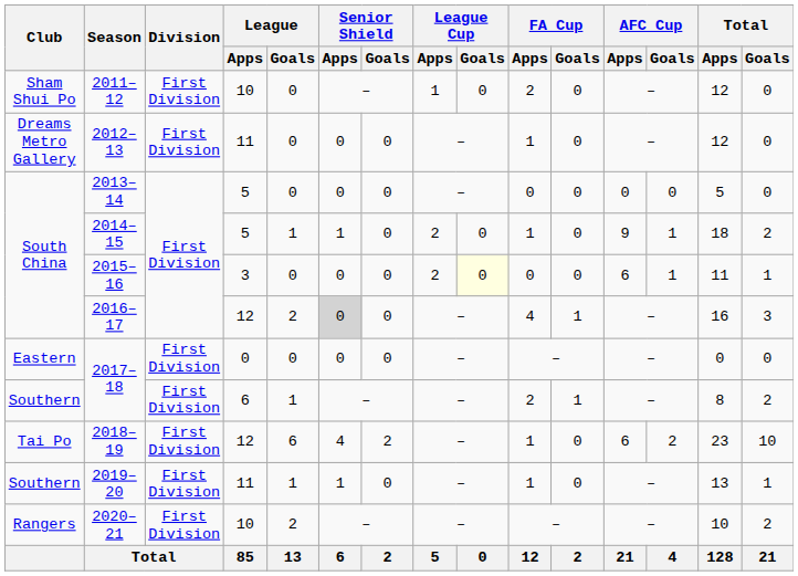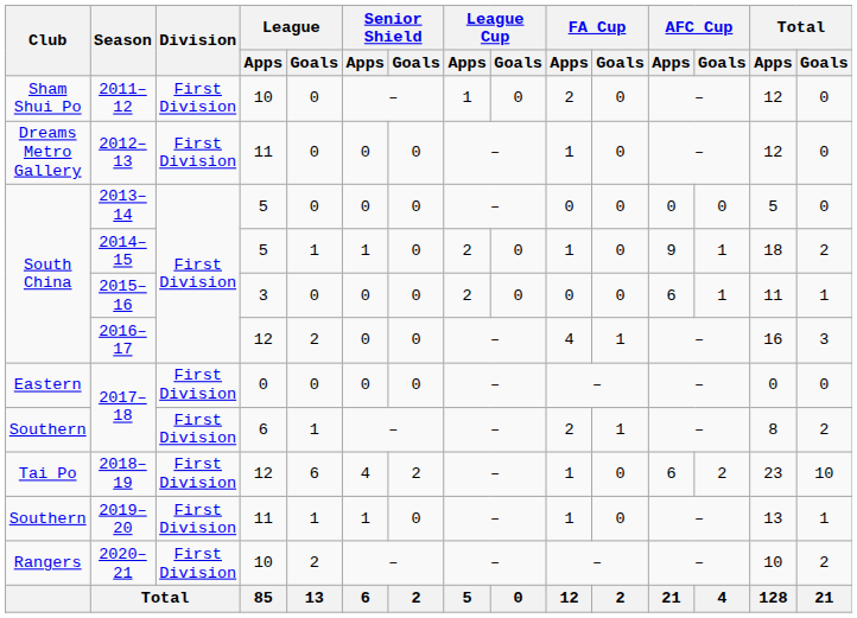 <table class="wikitable" style="text-align: center;">
 <tr>
 <th rowspan="2">Club</th>
 <th rowspan="2">Season</th>
 <th rowspan="2">Division</th>
 <th colspan="2">League</th>
 <th colspan="2"><a href='#'>Senior Shield</a></th>
 <th colspan="2"><a href='#'>League Cup</a></th>
 <th colspan="2"><a href='#'>FA Cup</a></th>
 <th colspan="2"><a href='#'>AFC Cup</a></th>
 <th colspan="2">Total</th>
 </tr>
 <tr>
 <th>Apps</th>
 <th>Goals</th>
 <th>Apps</th>
 <th>Goals</th>
 <th>Apps</th>
 <th>Goals</th>
 <th>Apps</th>
 <th>Goals</th>
 <th>Apps</th>
 <th>Goals</th>
 <th>Apps</th>
 <th>Goals</th>
 </tr>
 <tr>
 <td><a href='#'>Sham Shui Po</a></td>
 <td><a href='#'>2011–12</a></td>
 <td><a href='#'>First Division</a></td>
 <td>10</td>
 <td>0</td>
 <td colspan="2">–</td>
 <td>1</td>
 <td>0</td>
 <td>2</td>
 <td>0</td>
 <td colspan="2">–</td>
 <td>12</td>
 <td>0</td>
 </tr>
 <tr>
 <td><a href='#'>Dreams Metro Gallery</a></td>
 <td><a href='#'>2012–13</a></td>
 <td><a href='#'>First Division</a></td>
 <td>11</td>
 <td>0</td>
 <td>0</td>
 <td>0</td>
 <td colspan="2">–</td>
 <td>1</td>
 <td>0</td>
 <td colspan="2">–</td>
 <td>12</td>
 <td>0</td>
 </tr>
 <tr>
 <td rowspan="4"><a href='#'>South China</a></td>
 <td><a href='#'>2013–14</a></td>
 <td rowspan="4"><a href='#'>First Division</a></td>
 <td>5</td>
 <td>0</td>
 <td>0</td>
 <td>0</td>
 <td colspan="2">–</td>
 <td>0</td>
 <td>0</td>
 <td>0</td>
 <td>0</td>
 <td>5</td>
 <td>0</td>
 </tr>
 <tr>
 <td><a href='#'>2014–15</a></td>
 <td>5</td>
 <td>1</td>
 <td>1</td>
 <td>0</td>
 <td>2</td>
 <td>0</td>
 <td>1</td>
 <td>0</td>
 <td>9</td>
 <td>1</td>
 <td>18</td>
 <td>2</td>
 </tr>
 <tr>
 <td><a href='#'>2015–16</a></td>
 <td>3</td>
 <td>0</td>
 <td>0</td>
 <td>0</td>
 <td>2</td>
-<td style="background: lightyellow;">0</td>
+<td>0</td>
 <td>0</td>
 <td>0</td>
 <td>6</td>
 <td>1</td>
 <td>11</td>
 <td>1</td>
 </tr>
 <tr>
 <td><a href='#'>2016–17</a></td>
 <td>12</td>
 <td>2</td>
-<td style="background: lightgrey;">0</td>
+<td>0</td>
 <td>0</td>
 <td colspan="2">–</td>
 <td>4</td>
 <td>1</td>
 <td colspan="2">–</td>
 <td>16</td>
 <td>3</td>
 </tr>
 <tr>
 <td><a href='#'>Eastern</a></td>
 <td rowspan="2"><a href='#'>2017–18</a></td>
 <td><a href='#'>First Division</a></td>
 <td>0</td>
 <td>0</td>
 <td>0</td>
 <td>0</td>
 <td colspan="2">–</td>
 <td colspan="2">–</td>
 <td colspan="2">–</td>
 <td>0</td>
 <td>0</td>
 </tr>
 <tr>
 <td><a href='#'>Southern</a></td>
 <td><a href='#'>First Division</a></td>
 <td>6</td>
 <td>1</td>
 <td colspan="2">–</td>
 <td colspan="2">–</td>
 <td>2</td>
 <td>1</td>
 <td colspan="2">–</td>
 <td>8</td>
 <td>2</td>
 </tr>
 <tr>
 <td><a href='#'>Tai Po</a></td>
 <td><a href='#'>2018–19</a></td>
 <td><a href='#'>First Division</a></td>
 <td>12</td>
 <td>6</td>
 <td>4</td>
 <td>2</td>
 <td colspan="2">–</td>
 <td>1</td>
 <td>0</td>
 <td>6</td>
 <td>2</td>
 <td>23</td>
 <td>10</td>
 </tr>
 <tr>
 <td><a href='#'>Southern</a></td>
 <td><a href='#'>2019–20</a></td>
 <td><a href='#'>First Division</a></td>
 <td>11</td>
 <td>1</td>
 <td>1</td>
 <td>0</td>
 <td colspan="2">–</td>
 <td>1</td>
 <td>0</td>
 <td colspan="2">–</td>
 <td>13</td>
 <td>1</td>
 </tr>
 <tr>
 <td><a href='#'>Rangers</a></td>
 <td><a href='#'>2020–21</a></td>
 <td><a href='#'>First Division</a></td>
 <td>10</td>
 <td>2</td>
 <td colspan="2">–</td>
 <td colspan="2">–</td>
 <td colspan="2">–</td>
 <td colspan="2">–</td>
 <td>10</td>
 <td>2</td>
 </tr>
 <tr>
 <th></th>
 <th colspan="2">Total</th>
 <th>85</th>
 <th>13</th>
 <th>6</th>
 <th>2</th>
 <th>5</th>
 <th>0</th>
 <th>12</th>
 <th>2</th>
 <th>21</th>
 <th>4</th>
 <th>128</th>
 <th>21</th>
 </tr>
 </table>
